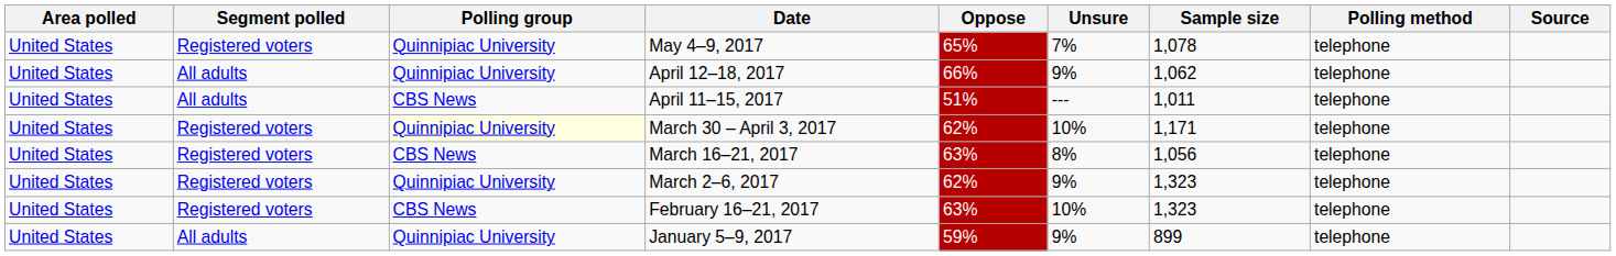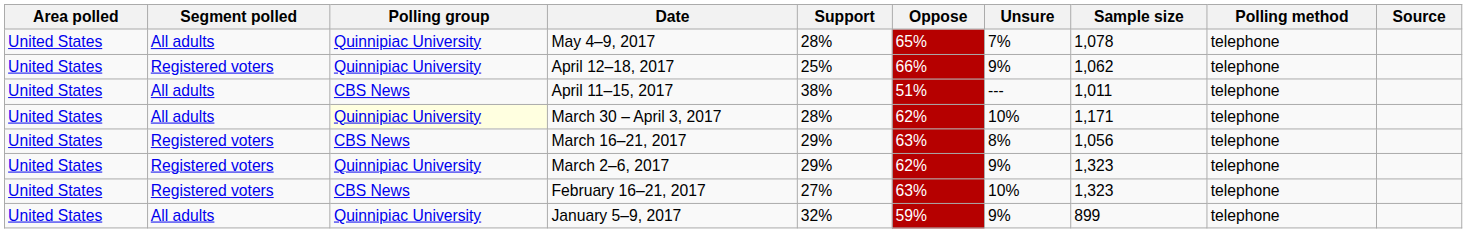 <table class="wikitable sortable" style="width: 75%;">
 <tr>
 <th>Area polled</th>
 <th>Segment polled</th>
 <th>Polling group</th>
 <th>Date</th>
+<th>Support</th>
 <th>Oppose</th>
 <th>Unsure</th>
 <th>Sample size</th>
 <th>Polling method</th>
 <th>Source</th>
 </tr>
 <tr>
 <td> <a href='#'>United States</a></td>
-<td><a href='#'>Registered voters</a></td>
+<td><a href='#'>All adults</a></td>
 <td><a href='#'>Quinnipiac University</a></td>
 <td>May 4–9, 2017</td>
+<td>28%</td>
 <td style="background:#B60000; color: white">65%</td>
 <td>7%</td>
 <td>1,078</td>
 <td>telephone</td>
 <td></td>
 </tr>
 <tr>
 <td> <a href='#'>United States</a></td>
-<td><a href='#'>All adults</a></td>
+<td><a href='#'>Registered voters</a></td>
 <td><a href='#'>Quinnipiac University</a></td>
 <td>April 12–18, 2017</td>
+<td>25%</td>
 <td style="background:#B60000; color: white">66%</td>
 <td>9%</td>
 <td>1,062</td>
 <td>telephone</td>
 <td></td>
 </tr>
 <tr>
 <td> <a href='#'>United States</a></td>
 <td><a href='#'>All adults</a></td>
 <td><a href='#'>CBS News</a></td>
 <td>April 11–15, 2017</td>
+<td>38%</td>
 <td style="background:#B60000; color: white">51%</td>
 <td>---</td>
 <td>1,011</td>
 <td>telephone</td>
 <td></td>
 </tr>
 <tr>
 <td> <a href='#'>United States</a></td>
-<td><a href='#'>Registered voters</a></td>
+<td><a href='#'>All adults</a></td>
 <td style="background: lightyellow;"><a href='#'>Quinnipiac University</a></td>
 <td>March 30 – April 3, 2017</td>
+<td>28%</td>
 <td style="background:#B60000; color: white">62%</td>
 <td>10%</td>
 <td>1,171</td>
 <td>telephone</td>
 <td></td>
 </tr>
 <tr>
 <td> <a href='#'>United States</a></td>
 <td><a href='#'>Registered voters</a></td>
 <td><a href='#'>CBS News</a></td>
 <td>March 16–21, 2017</td>
+<td>29%</td>
 <td style="background:#B60000; color: white">63%</td>
 <td>8%</td>
 <td>1,056</td>
 <td>telephone</td>
 <td></td>
 </tr>
 <tr>
 <td> <a href='#'>United States</a></td>
 <td><a href='#'>Registered voters</a></td>
 <td><a href='#'>Quinnipiac University</a></td>
 <td>March 2–6, 2017</td>
+<td>29%</td>
 <td style="background:#B60000; color: white">62%</td>
 <td>9%</td>
 <td>1,323</td>
 <td>telephone</td>
 <td></td>
 </tr>
 <tr>
 <td> <a href='#'>United States</a></td>
 <td><a href='#'>Registered voters</a></td>
 <td><a href='#'>CBS News</a></td>
 <td>February 16–21, 2017</td>
+<td>27%</td>
 <td style="background:#B60000; color: white">63%</td>
 <td>10%</td>
 <td>1,323</td>
 <td>telephone</td>
 <td></td>
 </tr>
 <tr>
 <td> <a href='#'>United States</a></td>
 <td><a href='#'>All adults</a></td>
 <td><a href='#'>Quinnipiac University</a></td>
 <td>January 5–9, 2017</td>
+<td>32%</td>
 <td style="background:#B60000; color: white">59%</td>
 <td>9%</td>
 <td>899</td>
 <td>telephone</td>
 <td></td>
 </tr>
 </table>
